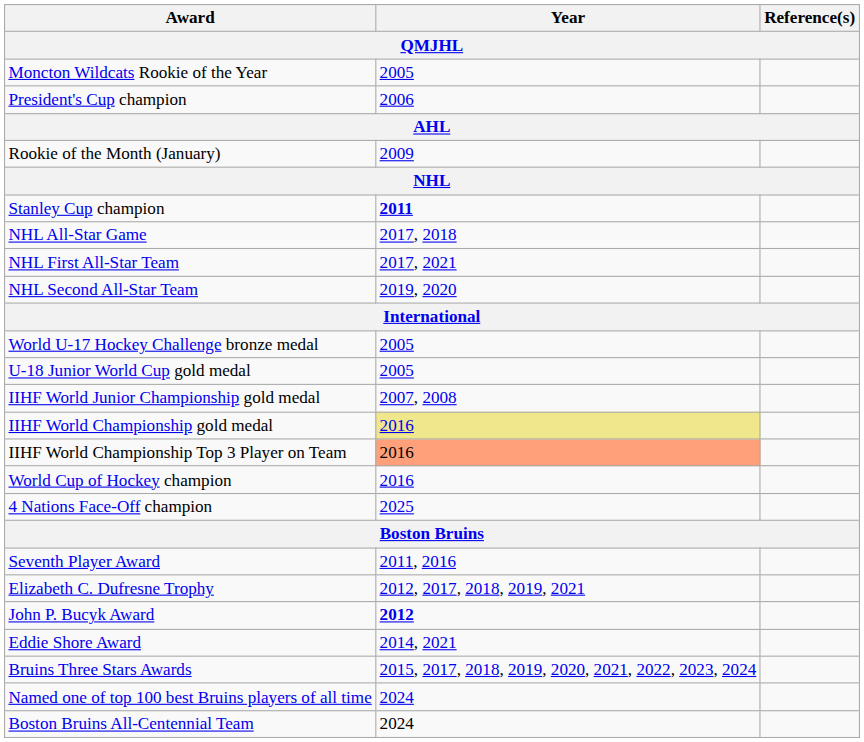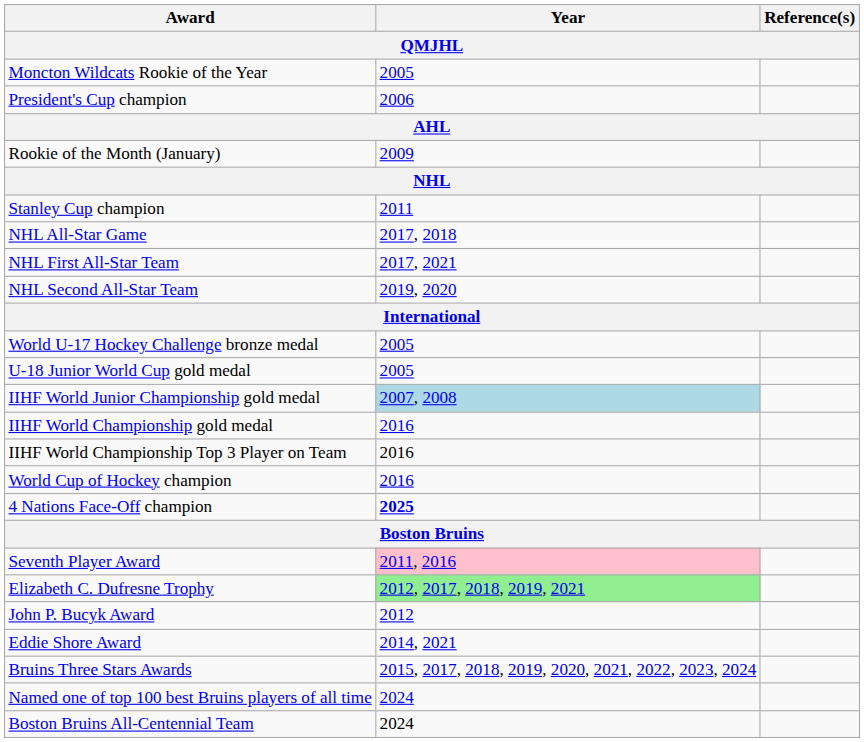 <table class="wikitable">
 <tr>
 <th>Award</th>
 <th>Year</th>
 <th>Reference(s)</th>
 </tr>
 <tr>
 <th colspan="3"><a href='#'>QMJHL</a></th>
 </tr>
 <tr>
 <td><a href='#'>Moncton Wildcats</a> Rookie of the Year</td>
 <td><a href='#'>2005</a></td>
 <td></td>
 </tr>
 <tr>
 <td><a href='#'>President's Cup</a> champion</td>
 <td><a href='#'>2006</a></td>
 <td></td>
 </tr>
 <tr>
 <th colspan="3"><a href='#'>AHL</a></th>
 </tr>
 <tr>
 <td>Rookie of the Month (January)</td>
 <td><a href='#'>2009</a></td>
 <td></td>
 </tr>
 <tr>
 <th colspan="3"><a href='#'>NHL</a></th>
 </tr>
 <tr>
 <td><a href='#'>Stanley Cup</a> champion</td>
-<td><strong><a href='#'>2011</a></strong></td>
+<td><a href='#'>2011</a></td>
 <td></td>
 </tr>
 <tr>
 <td><a href='#'>NHL All-Star Game</a></td>
 <td><a href='#'>2017</a>, <a href='#'>2018</a></td>
 <td></td>
 </tr>
 <tr>
 <td><a href='#'>NHL First All-Star Team</a></td>
 <td><a href='#'>2017</a>, <a href='#'>2021</a></td>
 <td></td>
 </tr>
 <tr>
 <td><a href='#'>NHL Second All-Star Team</a></td>
 <td><a href='#'>2019</a>, <a href='#'>2020</a></td>
 <td></td>
 </tr>
 <tr>
 <th colspan="3"><a href='#'>International</a></th>
 </tr>
 <tr>
 <td><a href='#'>World U-17 Hockey Challenge</a> bronze medal</td>
 <td><a href='#'>2005</a></td>
 <td></td>
 </tr>
 <tr>
 <td><a href='#'>U-18 Junior World Cup</a> gold medal</td>
 <td><a href='#'>2005</a></td>
 <td></td>
 </tr>
 <tr>
 <td><a href='#'>IIHF World Junior Championship</a> gold medal</td>
-<td><a href='#'>2007</a>, <a href='#'>2008</a></td>
+<td style="background: lightblue;"><a href='#'>2007</a>, <a href='#'>2008</a></td>
 <td></td>
 </tr>
 <tr>
 <td><a href='#'>IIHF World Championship</a> gold medal</td>
-<td style="background: khaki;"><a href='#'>2016</a></td>
+<td><a href='#'>2016</a></td>
 <td></td>
 </tr>
 <tr>
 <td>IIHF World Championship Top 3 Player on Team</td>
-<td style="background: lightsalmon;">2016</td>
+<td>2016</td>
 <td></td>
 </tr>
 <tr>
 <td><a href='#'>World Cup of Hockey</a> champion</td>
 <td><a href='#'>2016</a></td>
 <td></td>
 </tr>
 <tr>
 <td><a href='#'>4 Nations Face-Off</a> champion</td>
-<td><a href='#'>2025</a></td>
+<td><strong><a href='#'>2025</a></strong></td>
 <td></td>
 </tr>
 <tr>
 <th colspan="3"><a href='#'>Boston Bruins</a></th>
 </tr>
 <tr>
 <td><a href='#'>Seventh Player Award</a></td>
-<td><a href='#'>2011</a>, <a href='#'>2016</a></td>
+<td style="background: pink;"><a href='#'>2011</a>, <a href='#'>2016</a></td>
 <td></td>
 </tr>
 <tr>
 <td><a href='#'>Elizabeth C. Dufresne Trophy</a></td>
-<td><a href='#'>2012</a>, <a href='#'>2017</a>, <a href='#'>2018</a>, <a href='#'>2019</a>, <a href='#'>2021</a></td>
+<td style="background: lightgreen;"><a href='#'>2012</a>, <a href='#'>2017</a>, <a href='#'>2018</a>, <a href='#'>2019</a>, <a href='#'>2021</a></td>
 <td></td>
 </tr>
 <tr>
 <td><a href='#'>John P. Bucyk Award</a></td>
-<td><strong><a href='#'>2012</a></strong></td>
+<td><a href='#'>2012</a></td>
 <td></td>
 </tr>
 <tr>
 <td><a href='#'>Eddie Shore Award</a></td>
 <td><a href='#'>2014</a>, <a href='#'>2021</a></td>
 <td></td>
 </tr>
 <tr>
 <td><a href='#'>Bruins Three Stars Awards</a></td>
 <td><a href='#'>2015</a>, <a href='#'>2017</a>, <a href='#'>2018</a>, <a href='#'>2019</a>, <a href='#'>2020</a>, <a href='#'>2021</a>, <a href='#'>2022</a>, <a href='#'>2023</a>, <a href='#'>2024</a></td>
 <td></td>
 </tr>
 <tr>
 <td><a href='#'>Named one of top 100 best Bruins players of all time</a></td>
 <td><a href='#'>2024</a></td>
 <td></td>
 </tr>
 <tr>
 <td><a href='#'>Boston Bruins All-Centennial Team</a></td>
 <td>2024</td>
 <td></td>
 </tr>
 </table>
